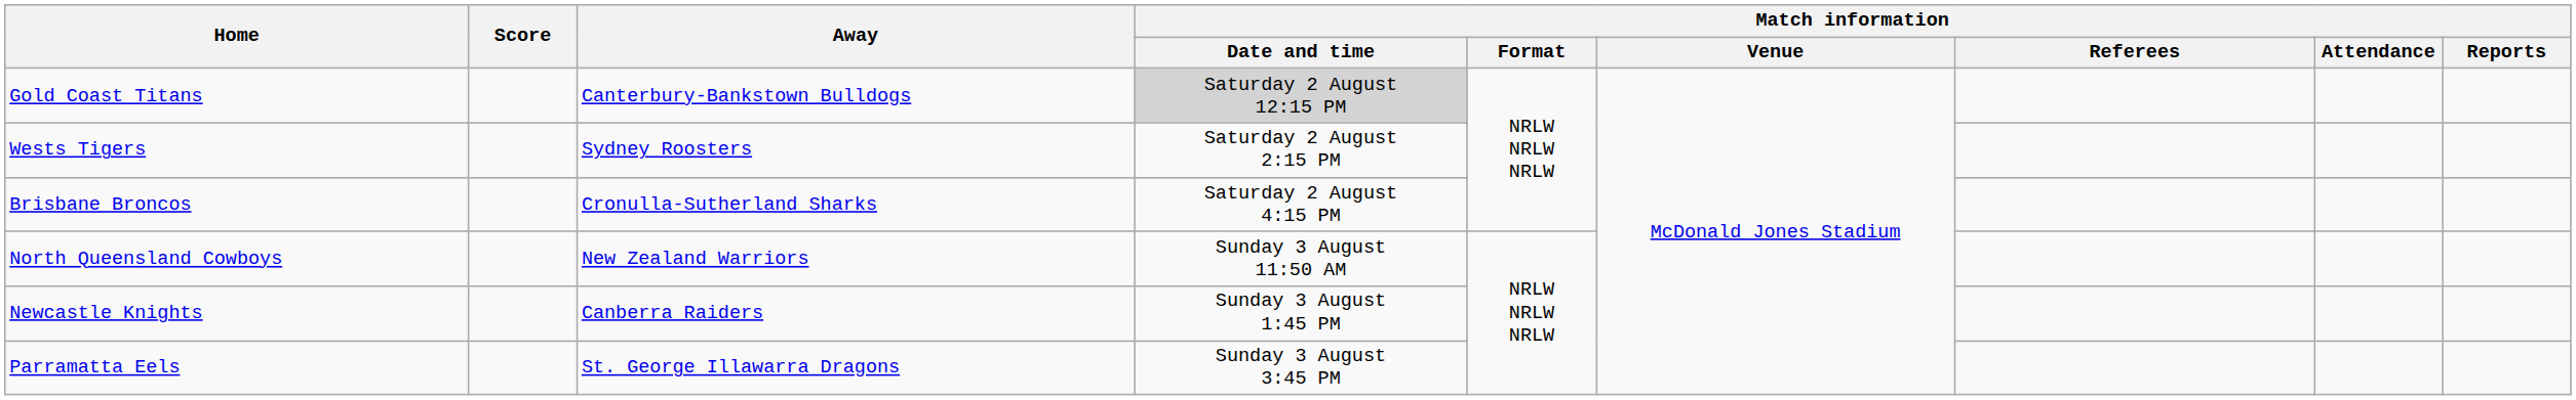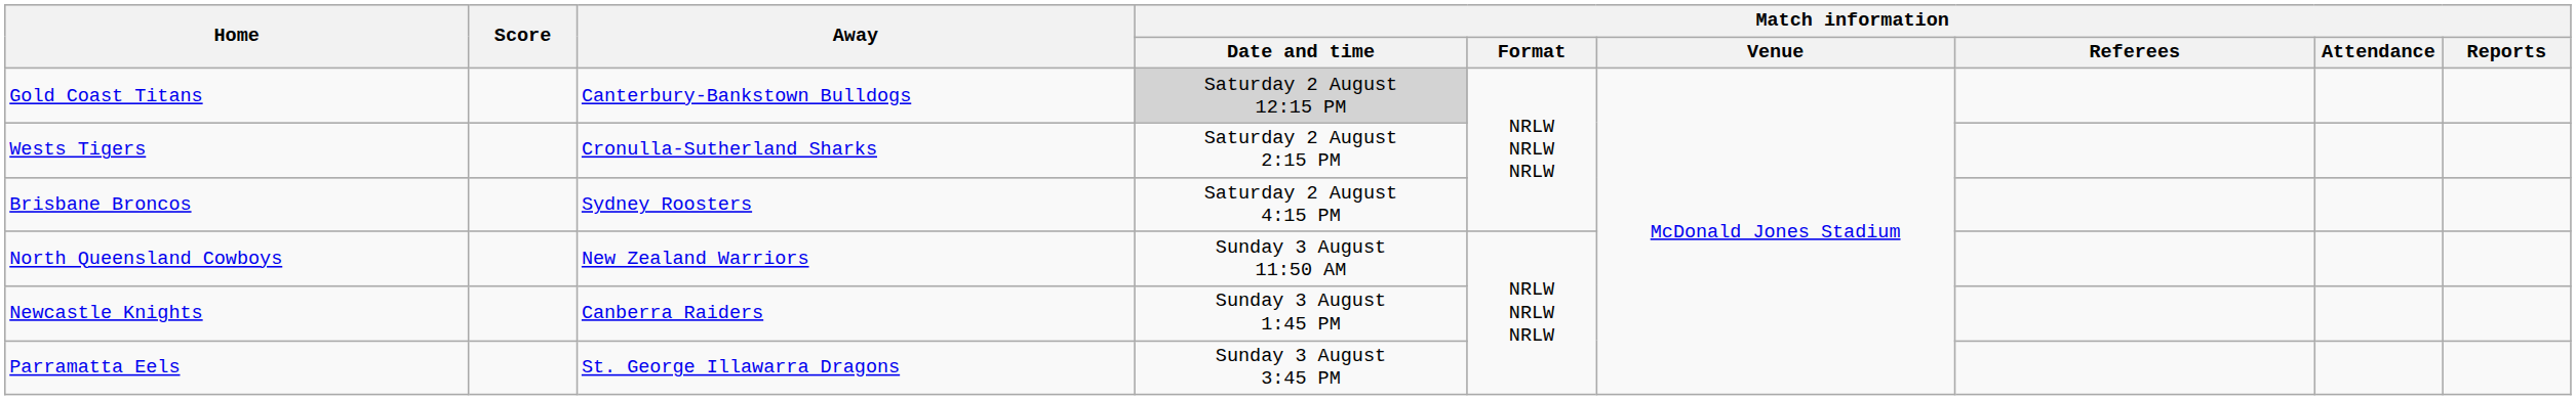 <table class="wikitable" width="100%" style="border-collapse:collapse; font-size:90%; text-align:center;">
 <tr>
 <th rowspan="2">Home</th>
 <th rowspan="2" text-align:center;>Score</th>
 <th rowspan="2">Away</th>
 <th colspan="6">Match information</th>
 </tr>
 <tr>
 <th width="13%">Date and time</th>
 <th width="5%">Format</th>
 <th width="14%">Venue</th>
 <th width="14%">Referees</th>
 <th width="5%">Attendance</th>
 <th width="5%">Reports</th>
 </tr>
 <tr>
 <td align="left"> <a href='#'>Gold Coast Titans</a></td>
 <td></td>
 <td align="left"> <a href='#'>Canterbury-Bankstown Bulldogs</a></td>
 <td style="background: lightgrey;">Saturday 2 August<br>12:15 PM</td>
 <td rowspan=3>NRLW<br>NRLW<br>NRLW</td>
 <td rowspan=6><a href='#'>McDonald Jones Stadium</a></td>
 <td></td>
 <td></td>
 </tr>
 <tr>
 <td align="left"> <a href='#'>Wests Tigers</a></td>
 <td></td>
-<td align="left"> <a href='#'>Sydney Roosters</a></td>
+<td align="left"> <a href='#'>Cronulla-Sutherland Sharks</a></td>
 <td>Saturday 2 August<br>2:15 PM</td>
 <td></td>
 <td></td>
 <td></td>
 </tr>
 <tr>
 <td align="left"> <a href='#'>Brisbane Broncos</a></td>
 <td></td>
-<td align="left"> <a href='#'>Cronulla-Sutherland Sharks</a></td>
+<td align="left"> <a href='#'>Sydney Roosters</a></td>
 <td>Saturday 2 August<br>4:15 PM</td>
 <td></td>
 <td></td>
 <td></td>
 </tr>
 <tr>
 <td align="left"> <a href='#'>North Queensland Cowboys</a></td>
 <td></td>
 <td align="left"> <a href='#'>New Zealand Warriors</a></td>
 <td>Sunday 3 August<br>11:50 AM</td>
 <td rowspan=3>NRLW<br>NRLW<br>NRLW</td>
 <td></td>
 <td></td>
 </tr>
 <tr>
 <td align="left"> <a href='#'>Newcastle Knights</a></td>
 <td></td>
 <td align="left"> <a href='#'>Canberra Raiders</a></td>
 <td>Sunday 3 August<br>1:45 PM</td>
 <td></td>
 <td></td>
 <td></td>
 </tr>
 <tr>
 <td align="left"> <a href='#'>Parramatta Eels</a></td>
 <td></td>
 <td align="left"> <a href='#'>St. George Illawarra Dragons</a></td>
 <td>Sunday 3 August<br>3:45 PM</td>
 <td></td>
 <td></td>
 <td></td>
 </tr>
 </table>
